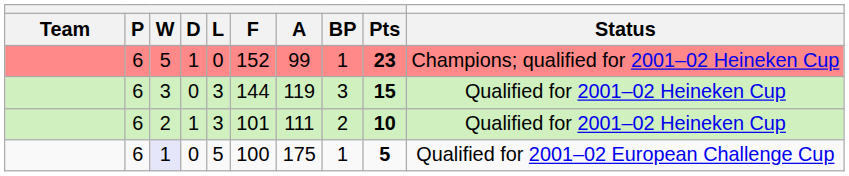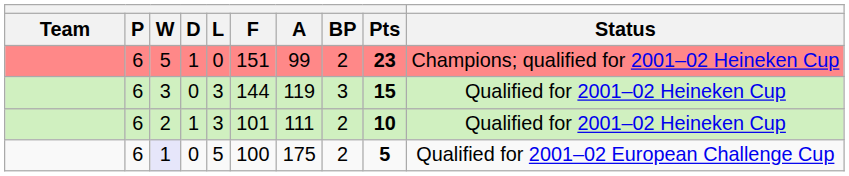 <table class="wikitable" style="text-align:center">
 <tr>
 <th colspan="9" width="317px"></th>
 </tr>
 <tr>
 <th width="90px">Team</th>
 <th>P</th>
 <th>W</th>
 <th>D</th>
 <th>L</th>
 <th>F</th>
 <th>A</th>
 <th>BP</th>
 <th>Pts</th>
 <th>Status</th>
 </tr>
 <tr bgcolor="#FF8888">
 <td></td>
 <td>6</td>
 <td>5</td>
 <td>1</td>
 <td>0</td>
-<td>152</td>
+<td>151</td>
 <td>99</td>
-<td>1</td>
+<td>2</td>
 <td><strong>23</strong></td>
 <td>Champions; qualified for <a href='#'>2001–02 Heineken Cup</a></td>
 </tr>
 <tr bgcolor="#D0F0C0">
 <td></td>
 <td>6</td>
 <td>3</td>
 <td>0</td>
 <td>3</td>
 <td>144</td>
 <td>119</td>
 <td>3</td>
 <td><strong>15</strong></td>
 <td>Qualified for <a href='#'>2001–02 Heineken Cup</a></td>
 </tr>
 <tr bgcolor="#D0F0C0">
 <td></td>
 <td>6</td>
 <td>2</td>
 <td>1</td>
 <td>3</td>
 <td>101</td>
 <td>111</td>
 <td>2</td>
 <td><strong>10</strong></td>
 <td>Qualified for <a href='#'>2001–02 Heineken Cup</a></td>
 </tr>
 <tr>
 <td></td>
 <td>6</td>
 <td style="background: lavender;">1</td>
 <td>0</td>
 <td>5</td>
 <td>100</td>
 <td>175</td>
-<td>1</td>
+<td>2</td>
 <td><strong>5</strong></td>
 <td>Qualified for <a href='#'>2001–02 European Challenge Cup</a></td>
 </tr>
 </table>
